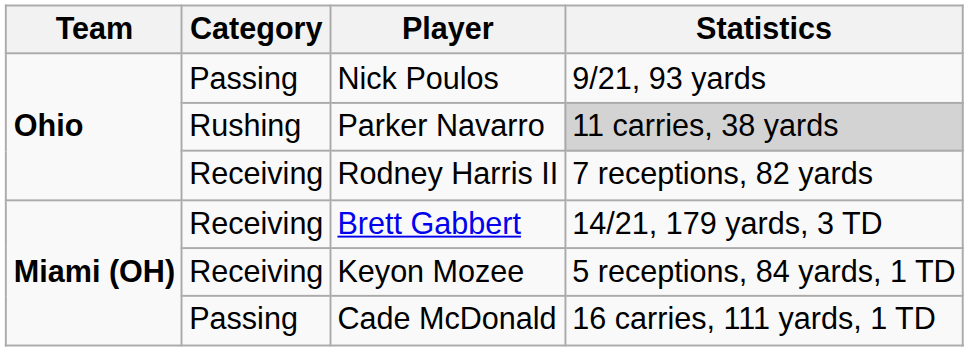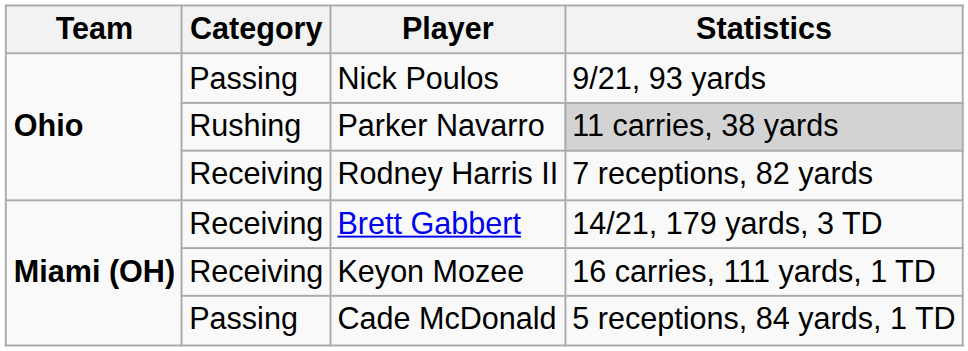 <table class="wikitable" style="float: right;">
 <tr>
 <th>Team</th>
 <th>Category</th>
 <th>Player</th>
 <th>Statistics</th>
 </tr>
 <tr>
 <td rowspan=3><strong>Ohio</strong></td>
 <td>Passing</td>
 <td>Nick Poulos</td>
 <td>9/21, 93 yards</td>
 </tr>
 <tr>
 <td>Rushing</td>
 <td>Parker Navarro</td>
 <td style="background: lightgrey;">11 carries, 38 yards</td>
 </tr>
 <tr>
 <td>Receiving</td>
 <td>Rodney Harris II</td>
 <td>7 receptions, 82 yards</td>
 </tr>
 <tr>
 <td rowspan=3><strong>Miami (OH)</strong></td>
 <td>Receiving</td>
 <td><a href='#'>Brett Gabbert</a></td>
 <td>14/21, 179 yards, 3 TD</td>
 </tr>
 <tr>
 <td>Receiving</td>
 <td>Keyon Mozee</td>
-<td>5 receptions, 84 yards, 1 TD</td>
+<td>16 carries, 111 yards, 1 TD</td>
 </tr>
 <tr>
 <td>Passing</td>
 <td>Cade McDonald</td>
-<td>16 carries, 111 yards, 1 TD</td>
+<td>5 receptions, 84 yards, 1 TD</td>
 </tr>
 </table>
